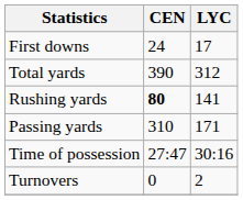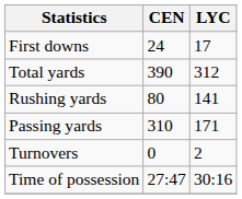 <table class="wikitable">
 <tr>
 <th>Statistics</th>
 <th>CEN</th>
 <th>LYC</th>
 </tr>
 <tr>
 <td>First downs</td>
 <td>24</td>
 <td>17</td>
 </tr>
 <tr>
 <td>Total yards</td>
 <td>390</td>
 <td>312</td>
 </tr>
 <tr>
 <td>Rushing yards</td>
-<td><strong>80</strong></td>
+<td>80</td>
 <td>141</td>
 </tr>
 <tr>
 <td>Passing yards</td>
 <td>310</td>
 <td>171</td>
 </tr>
 <tr>
+<td>Turnovers</td>
+<td>0</td>
+<td>2</td>
+</tr>
+<tr>
 <td>Time of possession</td>
 <td>27:47</td>
 <td>30:16</td>
 </tr>
 <tr>
-<td>Turnovers</td>
-<td>0</td>
-<td>2</td>
-</tr>
-<tr>
 </tr>
 </table>
